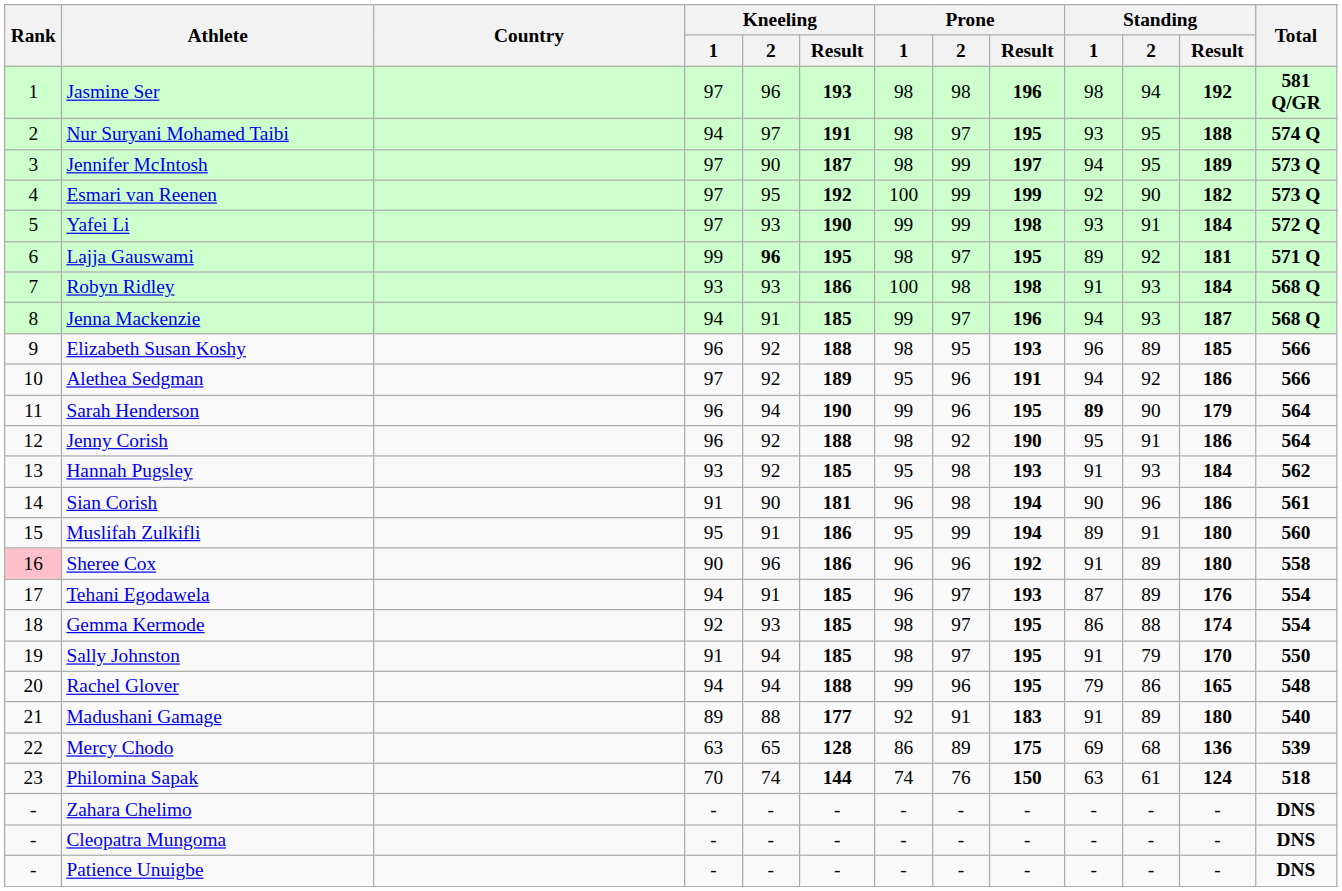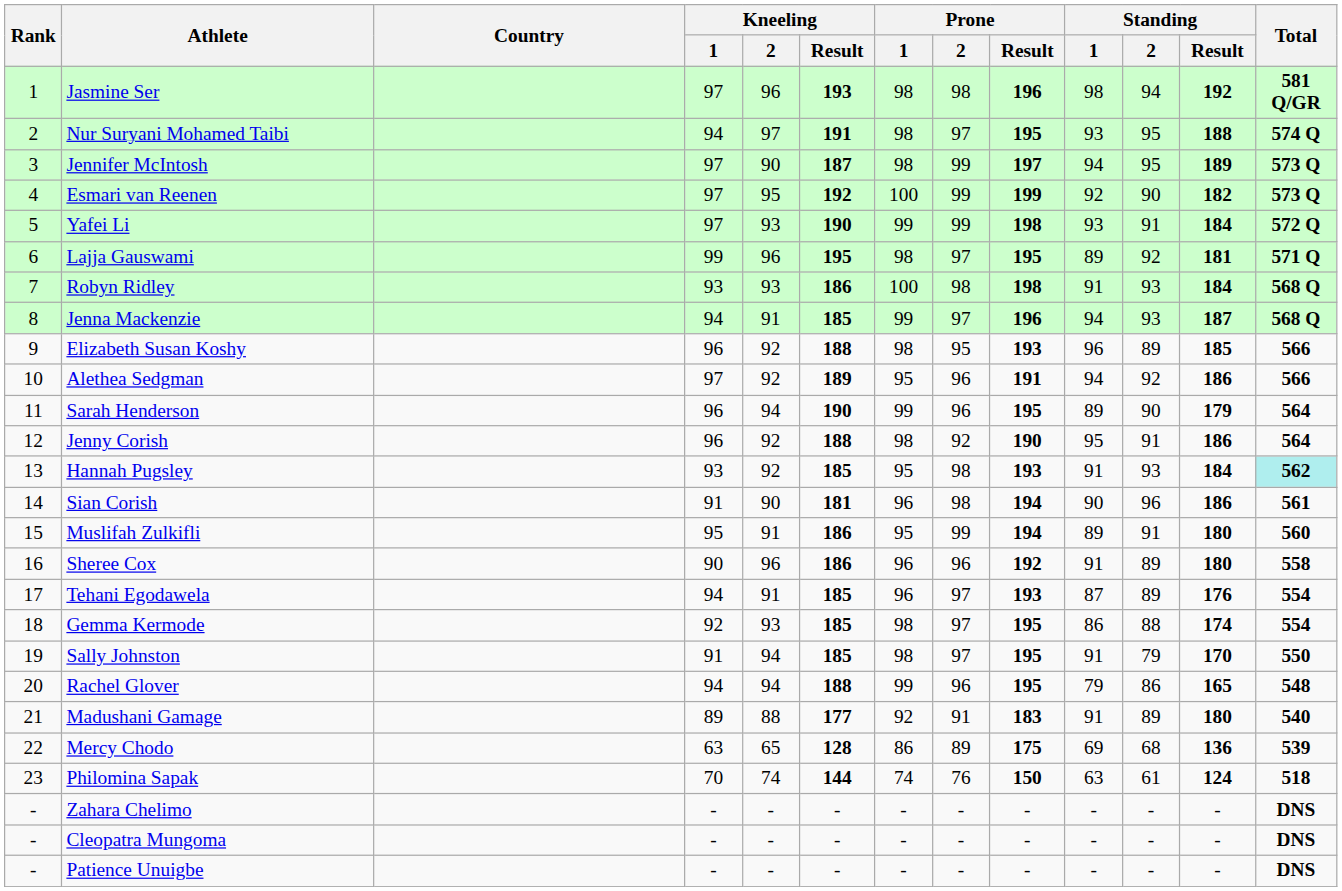 <table class="wikitable sortable" style="text-align:center;">
 <tr>
 <th rowspan=2 width=40>Rank</th>
 <th rowspan=2 width=250>Athlete</th>
 <th rowspan=2 width=250>Country</th>
 <th colspan=3>Kneeling</th>
 <th colspan=3>Prone</th>
 <th colspan=3>Standing</th>
 <th rowspan=2 width=60>Total</th>
 </tr>
 <tr>
 <th width=40>1</th>
 <th width=40>2</th>
 <th width=55>Result</th>
 <th width=40>1</th>
 <th width=40>2</th>
 <th width=55>Result</th>
 <th width=40>1</th>
 <th width=40>2</th>
 <th width=55>Result</th>
 </tr>
 <tr bgcolor=ccffcc>
 <td>1</td>
 <td align=left><a href='#'>Jasmine Ser</a></td>
 <td align=left></td>
 <td>97</td>
 <td>96</td>
 <td><strong>193</strong></td>
 <td>98</td>
 <td>98</td>
 <td><strong>196</strong></td>
 <td>98</td>
 <td>94</td>
 <td><strong>192</strong></td>
 <td><strong>581 Q/GR</strong></td>
 </tr>
 <tr bgcolor=ccffcc>
 <td>2</td>
 <td align=left><a href='#'>Nur Suryani Mohamed Taibi</a></td>
 <td align=left></td>
 <td>94</td>
 <td>97</td>
 <td><strong>191</strong></td>
 <td>98</td>
 <td>97</td>
 <td><strong>195</strong></td>
 <td>93</td>
 <td>95</td>
 <td><strong>188</strong></td>
 <td><strong>574 Q</strong></td>
 </tr>
 <tr bgcolor=ccffcc>
 <td>3</td>
 <td align=left><a href='#'>Jennifer McIntosh</a></td>
 <td align=left></td>
 <td>97</td>
 <td>90</td>
 <td><strong>187</strong></td>
 <td>98</td>
 <td>99</td>
 <td><strong>197</strong></td>
 <td>94</td>
 <td>95</td>
 <td><strong>189</strong></td>
 <td><strong>573 Q</strong></td>
 </tr>
 <tr bgcolor=ccffcc>
 <td>4</td>
 <td align=left><a href='#'>Esmari van Reenen</a></td>
 <td align=left></td>
 <td>97</td>
 <td>95</td>
 <td><strong>192</strong></td>
 <td>100</td>
 <td>99</td>
 <td><strong>199</strong></td>
 <td>92</td>
 <td>90</td>
 <td><strong>182</strong></td>
 <td><strong>573 Q</strong></td>
 </tr>
 <tr bgcolor=ccffcc>
 <td>5</td>
 <td align=left><a href='#'>Yafei Li</a></td>
 <td align=left></td>
 <td>97</td>
 <td>93</td>
 <td><strong>190</strong></td>
 <td>99</td>
 <td>99</td>
 <td><strong>198</strong></td>
 <td>93</td>
 <td>91</td>
 <td><strong>184</strong></td>
 <td><strong>572 Q</strong></td>
 </tr>
 <tr bgcolor=ccffcc>
 <td>6</td>
 <td align=left><a href='#'>Lajja Gauswami</a></td>
 <td align=left></td>
 <td>99</td>
-<td><strong>96</strong></td>
+<td>96</td>
 <td><strong>195</strong></td>
 <td>98</td>
 <td>97</td>
 <td><strong>195</strong></td>
 <td>89</td>
 <td>92</td>
 <td><strong>181</strong></td>
 <td><strong>571 Q</strong></td>
 </tr>
 <tr bgcolor=ccffcc>
 <td>7</td>
 <td align=left><a href='#'>Robyn Ridley</a></td>
 <td align=left></td>
 <td>93</td>
 <td>93</td>
 <td><strong>186</strong></td>
 <td>100</td>
 <td>98</td>
 <td><strong>198</strong></td>
 <td>91</td>
 <td>93</td>
 <td><strong>184</strong></td>
 <td><strong>568 Q</strong></td>
 </tr>
 <tr bgcolor=ccffcc>
 <td>8</td>
 <td align=left><a href='#'>Jenna Mackenzie</a></td>
 <td align=left></td>
 <td>94</td>
 <td>91</td>
 <td><strong>185</strong></td>
 <td>99</td>
 <td>97</td>
 <td><strong>196</strong></td>
 <td>94</td>
 <td>93</td>
 <td><strong>187</strong></td>
 <td><strong>568 Q</strong></td>
 </tr>
 <tr>
 <td>9</td>
 <td align=left><a href='#'>Elizabeth Susan Koshy</a></td>
 <td align=left></td>
 <td>96</td>
 <td>92</td>
 <td><strong>188</strong></td>
 <td>98</td>
 <td>95</td>
 <td><strong>193</strong></td>
 <td>96</td>
 <td>89</td>
 <td><strong>185</strong></td>
 <td><strong>566</strong></td>
 </tr>
 <tr>
 <td>10</td>
 <td align=left><a href='#'>Alethea Sedgman</a></td>
 <td align=left></td>
 <td>97</td>
 <td>92</td>
 <td><strong>189</strong></td>
 <td>95</td>
 <td>96</td>
 <td><strong>191</strong></td>
 <td>94</td>
 <td>92</td>
 <td><strong>186</strong></td>
 <td><strong>566</strong></td>
 </tr>
 <tr>
 <td>11</td>
 <td align=left><a href='#'>Sarah Henderson</a></td>
 <td align=left></td>
 <td>96</td>
 <td>94</td>
 <td><strong>190</strong></td>
 <td>99</td>
 <td>96</td>
 <td><strong>195</strong></td>
-<td><strong>89</strong></td>
+<td>89</td>
 <td>90</td>
 <td><strong>179</strong></td>
 <td><strong>564</strong></td>
 </tr>
 <tr>
 <td>12</td>
 <td align=left><a href='#'>Jenny Corish</a></td>
 <td align=left></td>
 <td>96</td>
 <td>92</td>
 <td><strong>188</strong></td>
 <td>98</td>
 <td>92</td>
 <td><strong>190</strong></td>
 <td>95</td>
 <td>91</td>
 <td><strong>186</strong></td>
 <td><strong>564</strong></td>
 </tr>
 <tr>
 <td>13</td>
 <td align=left><a href='#'>Hannah Pugsley</a></td>
 <td align=left></td>
 <td>93</td>
 <td>92</td>
 <td><strong>185</strong></td>
 <td>95</td>
 <td>98</td>
 <td><strong>193</strong></td>
 <td>91</td>
 <td>93</td>
 <td><strong>184</strong></td>
-<td><strong>562</strong></td>
+<td style="background: paleturquoise;"><strong>562</strong></td>
 </tr>
 <tr>
 <td>14</td>
 <td align=left><a href='#'>Sian Corish</a></td>
 <td align=left></td>
 <td>91</td>
 <td>90</td>
 <td><strong>181</strong></td>
 <td>96</td>
 <td>98</td>
 <td><strong>194</strong></td>
 <td>90</td>
 <td>96</td>
 <td><strong>186</strong></td>
 <td><strong>561</strong></td>
 </tr>
 <tr>
 <td>15</td>
 <td align=left><a href='#'>Muslifah Zulkifli</a></td>
 <td align=left></td>
 <td>95</td>
 <td>91</td>
 <td><strong>186</strong></td>
 <td>95</td>
 <td>99</td>
 <td><strong>194</strong></td>
 <td>89</td>
 <td>91</td>
 <td><strong>180</strong></td>
 <td><strong>560</strong></td>
 </tr>
 <tr>
-<td style="background: pink;">16</td>
+<td>16</td>
 <td align=left><a href='#'>Sheree Cox</a></td>
 <td align=left></td>
 <td>90</td>
 <td>96</td>
 <td><strong>186</strong></td>
 <td>96</td>
 <td>96</td>
 <td><strong>192</strong></td>
 <td>91</td>
 <td>89</td>
 <td><strong>180</strong></td>
 <td><strong>558</strong></td>
 </tr>
 <tr>
 <td>17</td>
 <td align=left><a href='#'>Tehani Egodawela</a></td>
 <td align=left></td>
 <td>94</td>
 <td>91</td>
 <td><strong>185</strong></td>
 <td>96</td>
 <td>97</td>
 <td><strong>193</strong></td>
 <td>87</td>
 <td>89</td>
 <td><strong>176</strong></td>
 <td><strong>554</strong></td>
 </tr>
 <tr>
 <td>18</td>
 <td align=left><a href='#'>Gemma Kermode</a></td>
 <td align=left></td>
 <td>92</td>
 <td>93</td>
 <td><strong>185</strong></td>
 <td>98</td>
 <td>97</td>
 <td><strong>195</strong></td>
 <td>86</td>
 <td>88</td>
 <td><strong>174</strong></td>
 <td><strong>554</strong></td>
 </tr>
 <tr>
 <td>19</td>
 <td align=left><a href='#'>Sally Johnston</a></td>
 <td align=left></td>
 <td>91</td>
 <td>94</td>
 <td><strong>185</strong></td>
 <td>98</td>
 <td>97</td>
 <td><strong>195</strong></td>
 <td>91</td>
 <td>79</td>
 <td><strong>170</strong></td>
 <td><strong>550</strong></td>
 </tr>
 <tr>
 <td>20</td>
 <td align=left><a href='#'>Rachel Glover</a></td>
 <td align=left></td>
 <td>94</td>
 <td>94</td>
 <td><strong>188</strong></td>
 <td>99</td>
 <td>96</td>
 <td><strong>195</strong></td>
 <td>79</td>
 <td>86</td>
 <td><strong>165</strong></td>
 <td><strong>548</strong></td>
 </tr>
 <tr>
 <td>21</td>
 <td align=left><a href='#'>Madushani Gamage</a></td>
 <td align=left></td>
 <td>89</td>
 <td>88</td>
 <td><strong>177</strong></td>
 <td>92</td>
 <td>91</td>
 <td><strong>183</strong></td>
 <td>91</td>
 <td>89</td>
 <td><strong>180</strong></td>
 <td><strong>540</strong></td>
 </tr>
 <tr>
 <td>22</td>
 <td align=left><a href='#'>Mercy Chodo</a></td>
 <td align=left></td>
 <td>63</td>
 <td>65</td>
 <td><strong>128</strong></td>
 <td>86</td>
 <td>89</td>
 <td><strong>175</strong></td>
 <td>69</td>
 <td>68</td>
 <td><strong>136</strong></td>
 <td><strong>539</strong></td>
 </tr>
 <tr>
 <td>23</td>
 <td align=left><a href='#'>Philomina Sapak</a></td>
 <td align=left></td>
 <td>70</td>
 <td>74</td>
 <td><strong>144</strong></td>
 <td>74</td>
 <td>76</td>
 <td><strong>150</strong></td>
 <td>63</td>
 <td>61</td>
 <td><strong>124</strong></td>
 <td><strong>518</strong></td>
 </tr>
 <tr>
 <td>-</td>
 <td align=left><a href='#'>Zahara Chelimo</a></td>
 <td align=left></td>
 <td>-</td>
 <td>-</td>
 <td>-</td>
 <td>-</td>
 <td>-</td>
 <td>-</td>
 <td>-</td>
 <td>-</td>
 <td>-</td>
 <td><strong>DNS</strong></td>
 </tr>
 <tr>
 <td>-</td>
 <td align=left><a href='#'>Cleopatra Mungoma</a></td>
 <td align=left></td>
 <td>-</td>
 <td>-</td>
 <td>-</td>
 <td>-</td>
 <td>-</td>
 <td>-</td>
 <td>-</td>
 <td>-</td>
 <td>-</td>
 <td><strong>DNS</strong></td>
 </tr>
 <tr>
 <td>-</td>
 <td align=left><a href='#'>Patience Unuigbe</a></td>
 <td align=left></td>
 <td>-</td>
 <td>-</td>
 <td>-</td>
 <td>-</td>
 <td>-</td>
 <td>-</td>
 <td>-</td>
 <td>-</td>
 <td>-</td>
 <td><strong>DNS</strong></td>
 </tr>
 </table>
